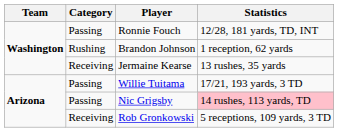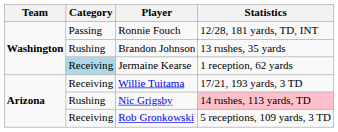 <table class="wikitable" style="float: right;">
 <tr>
 <th>Team</th>
 <th>Category</th>
 <th>Player</th>
 <th>Statistics</th>
 </tr>
 <tr>
 <td rowspan=3><strong>Washington</strong></td>
 <td>Passing</td>
 <td>Ronnie Fouch</td>
 <td>12/28, 181 yards, TD, INT</td>
 </tr>
 <tr>
 <td>Rushing</td>
 <td>Brandon Johnson</td>
+<td>13 rushes, 35 yards</td>
+</tr>
+<tr>
+<td style="background: lightblue;">Receiving</td>
+<td>Jermaine Kearse</td>
 <td>1 reception, 62 yards</td>
 </tr>
 <tr>
+<td rowspan=3><strong>Arizona</strong></td>
 <td>Receiving</td>
-<td>Jermaine Kearse</td>
-<td>13 rushes, 35 yards</td>
-</tr>
-<tr>
-<td rowspan=3><strong>Arizona</strong></td>
-<td>Passing</td>
 <td><a href='#'>Willie Tuitama</a></td>
 <td>17/21, 193 yards, 3 TD</td>
 </tr>
 <tr>
-<td>Passing</td>
+<td>Rushing</td>
 <td><a href='#'>Nic Grigsby</a></td>
 <td style="background: pink;">14 rushes, 113 yards, TD</td>
 </tr>
 <tr>
 <td>Receiving</td>
 <td><a href='#'>Rob Gronkowski</a></td>
 <td>5 receptions, 109 yards, 3 TD</td>
 </tr>
 </table>
